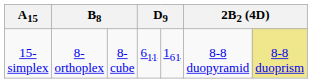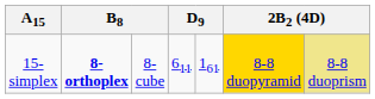 <table class=wikitable width=80>
 <tr>
 <th>A<sub>15</sub></th>
 <th colspan=2>B<sub>8</sub></th>
 <th colspan=2>D<sub>9</sub></th>
 <th colspan=2>2B<sub>2</sub> (4D)</th>
 </tr>
 <tr align=center valign=top>
 <td><br><a href='#'>15-simplex</a></td>
-<td><br><a href='#'>8-orthoplex</a></td>
+<td><strong><br><a href='#'>8-orthoplex</a></strong></td>
 <td><br><a href='#'>8-cube</a></td>
 <td><br><a href='#'>6<sub>11</sub></a></td>
 <td><br><a href='#'>1<sub>61</sub></a></td>
-<td><br><a href='#'>8-8 duopyramid</a></td>
+<td style="background: gold;"><br><a href='#'>8-8 duopyramid</a></td>
 <td style="background: khaki;"><br><a href='#'>8-8 duoprism</a></td>
 </tr>
 </table>
